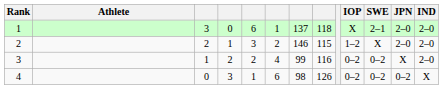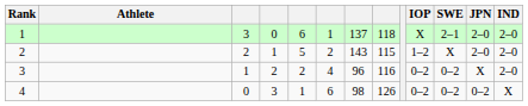 <table class="wikitable" style="text-align:center">
 <tr>
 <th>Rank</th>
 <th width=250>Athlete</th>
 <th width=30></th>
 <th width=30></th>
 <th width=30></th>
 <th width=30></th>
 <th width=30></th>
 <th width=30></th>
 <th rowspan=5></th>
 <th width=30>IOP</th>
 <th width=30>SWE</th>
 <th width=30>JPN</th>
 <th width=30>IND</th>
 </tr>
 <tr style="background-color:#ccffcc;">
 <td>1</td>
 <td align=left></td>
 <td>3</td>
 <td>0</td>
 <td>6</td>
 <td>1</td>
 <td>137</td>
 <td>118</td>
 <td>X</td>
 <td>2–1</td>
 <td>2–0</td>
 <td>2–0</td>
 </tr>
 <tr>
 <td>2</td>
 <td align=left></td>
 <td>2</td>
 <td>1</td>
-<td>3</td>
+<td>5</td>
 <td>2</td>
-<td>146</td>
+<td>143</td>
 <td>115</td>
 <td>1–2</td>
 <td>X</td>
 <td>2–0</td>
 <td>2–0</td>
 </tr>
 <tr>
 <td>3</td>
 <td align=left></td>
 <td>1</td>
 <td>2</td>
 <td>2</td>
 <td>4</td>
-<td>99</td>
+<td>96</td>
 <td>116</td>
 <td>0–2</td>
 <td>0–2</td>
 <td>X</td>
 <td>2–0</td>
 </tr>
 <tr>
 <td>4</td>
 <td align=left></td>
 <td>0</td>
 <td>3</td>
 <td>1</td>
 <td>6</td>
 <td>98</td>
 <td>126</td>
 <td>0–2</td>
 <td>0–2</td>
 <td>0–2</td>
 <td>X</td>
 </tr>
 </table>
